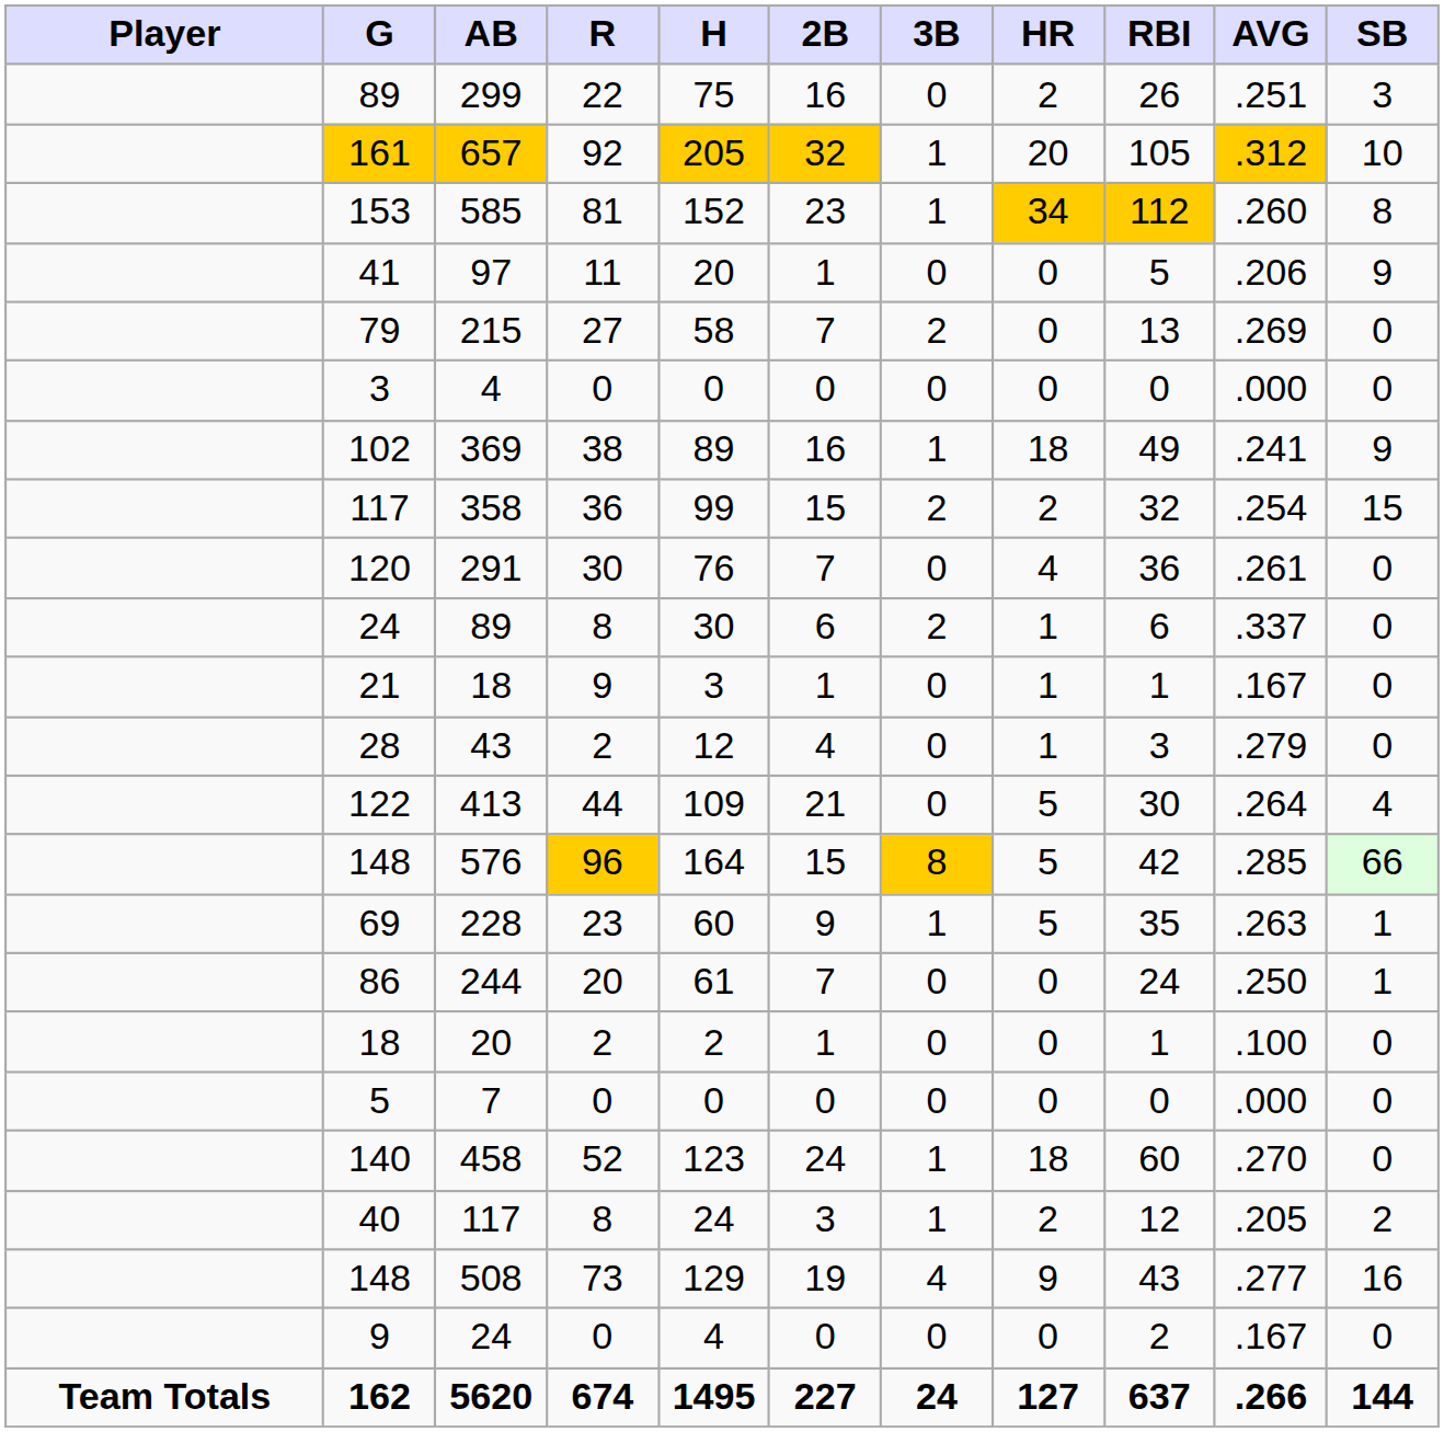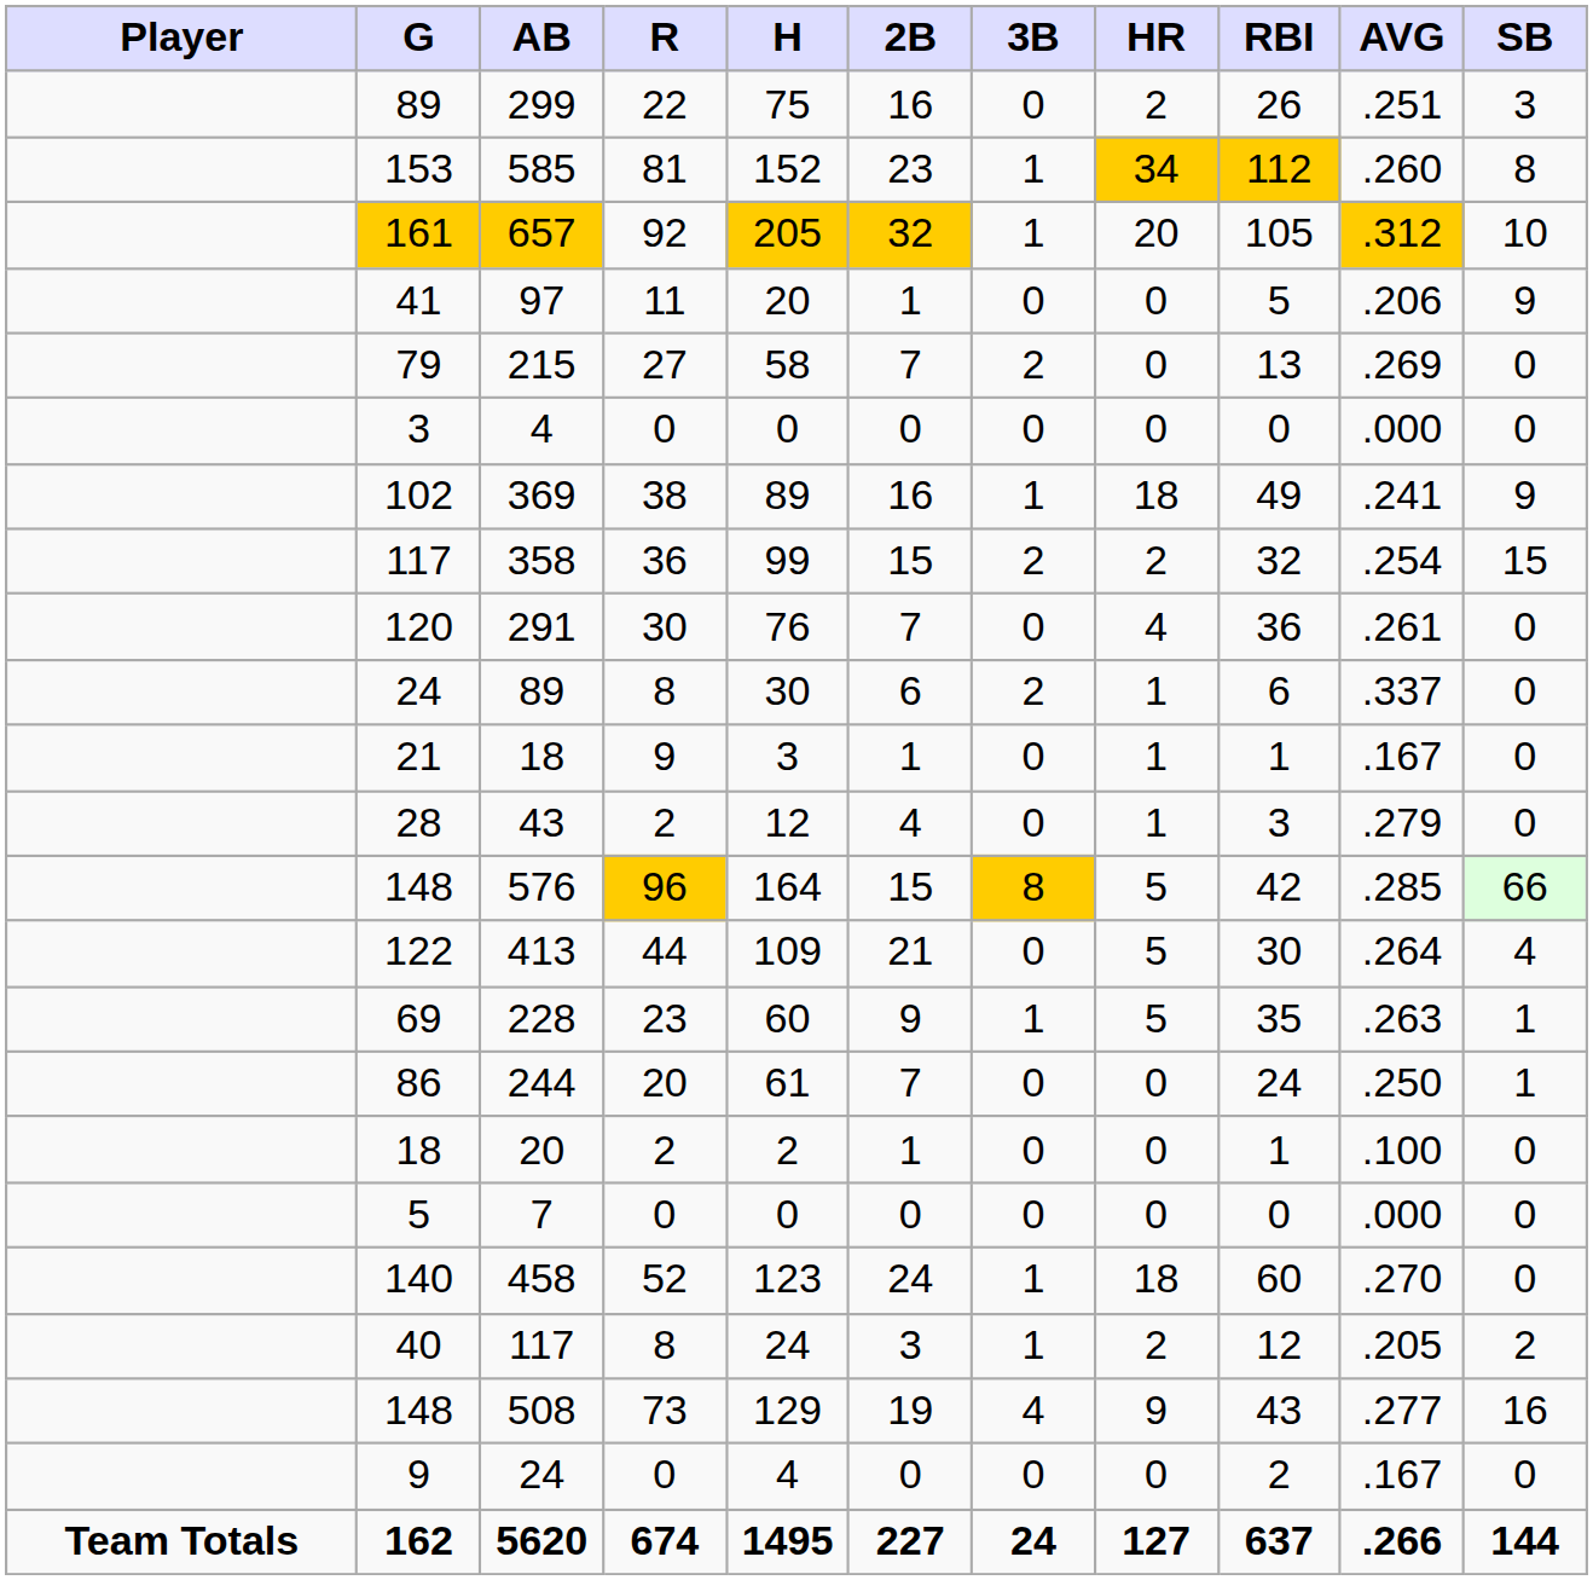 <table class="wikitable" style="text-align:center;">
 <tr>
 <th style="background:#ddf; width:20%;"><strong>Player</strong></th>
 <th style="background:#ddf; width:7%;"><strong>G</strong></th>
 <th style="background:#ddf; width:7%;"><strong>AB</strong></th>
 <th style="background:#ddf; width:7%;"><strong>R</strong></th>
 <th style="background:#ddf; width:7%;"><strong>H</strong></th>
 <th style="background:#ddf; width:7%;"><strong>2B</strong></th>
 <th style="background:#ddf; width:7%;"><strong>3B</strong></th>
 <th style="background:#ddf; width:7%;"><strong>HR</strong></th>
 <th style="background:#ddf; width:7%;"><strong>RBI</strong></th>
 <th style="background:#ddf; width:7%;"><strong>AVG</strong></th>
 <th style="background:#ddf; width:7%;"><strong>SB</strong></th>
 </tr>
 <tr>
 <td align=left></td>
 <td>89</td>
 <td>299</td>
 <td>22</td>
 <td>75</td>
 <td>16</td>
 <td>0</td>
 <td>2</td>
 <td>26</td>
 <td>.251</td>
 <td>3</td>
 </tr>
 <tr>
 <td align=left></td>
+<td>153</td>
+<td>585</td>
+<td>81</td>
+<td>152</td>
+<td>23</td>
+<td>1</td>
+<td style="background:#fc0;">34</td>
+<td style="background:#fc0;">112</td>
+<td>.260</td>
+<td>8</td>
+</tr>
+<tr>
+<td align=left></td>
 <td style="background:#fc0;">161</td>
 <td style="background:#fc0;">657</td>
 <td>92</td>
 <td style="background:#fc0;">205</td>
 <td style="background:#fc0;">32</td>
 <td>1</td>
 <td>20</td>
 <td>105</td>
 <td style="background:#fc0;">.312</td>
 <td>10</td>
-</tr>
-<tr>
-<td align=left></td>
-<td>153</td>
-<td>585</td>
-<td>81</td>
-<td>152</td>
-<td>23</td>
-<td>1</td>
-<td style="background:#fc0;">34</td>
-<td style="background:#fc0;">112</td>
-<td>.260</td>
-<td>8</td>
 </tr>
 <tr>
 <td align=left></td>
 <td>41</td>
 <td>97</td>
 <td>11</td>
 <td>20</td>
 <td>1</td>
 <td>0</td>
 <td>0</td>
 <td>5</td>
 <td>.206</td>
 <td>9</td>
 </tr>
 <tr>
 <td align=left></td>
 <td>79</td>
 <td>215</td>
 <td>27</td>
 <td>58</td>
 <td>7</td>
 <td>2</td>
 <td>0</td>
 <td>13</td>
 <td>.269</td>
 <td>0</td>
 </tr>
 <tr>
 <td align=left></td>
 <td>3</td>
 <td>4</td>
 <td>0</td>
 <td>0</td>
 <td>0</td>
 <td>0</td>
 <td>0</td>
 <td>0</td>
 <td>.000</td>
 <td>0</td>
 </tr>
 <tr>
 <td align=left></td>
 <td>102</td>
 <td>369</td>
 <td>38</td>
 <td>89</td>
 <td>16</td>
 <td>1</td>
 <td>18</td>
 <td>49</td>
 <td>.241</td>
 <td>9</td>
 </tr>
 <tr>
 <td align=left></td>
 <td>117</td>
 <td>358</td>
 <td>36</td>
 <td>99</td>
 <td>15</td>
 <td>2</td>
 <td>2</td>
 <td>32</td>
 <td>.254</td>
 <td>15</td>
 </tr>
 <tr>
 <td align=left></td>
 <td>120</td>
 <td>291</td>
 <td>30</td>
 <td>76</td>
 <td>7</td>
 <td>0</td>
 <td>4</td>
 <td>36</td>
 <td>.261</td>
 <td>0</td>
 </tr>
 <tr>
 <td align=left></td>
 <td>24</td>
 <td>89</td>
 <td>8</td>
 <td>30</td>
 <td>6</td>
 <td>2</td>
 <td>1</td>
 <td>6</td>
 <td>.337</td>
 <td>0</td>
 </tr>
 <tr>
 <td align=left></td>
 <td>21</td>
 <td>18</td>
 <td>9</td>
 <td>3</td>
 <td>1</td>
 <td>0</td>
 <td>1</td>
 <td>1</td>
 <td>.167</td>
 <td>0</td>
 </tr>
 <tr>
 <td align=left></td>
 <td>28</td>
 <td>43</td>
 <td>2</td>
 <td>12</td>
 <td>4</td>
 <td>0</td>
 <td>1</td>
 <td>3</td>
 <td>.279</td>
 <td>0</td>
 </tr>
 <tr>
 <td align=left></td>
+<td>148</td>
+<td>576</td>
+<td style="background:#fc0;">96</td>
+<td>164</td>
+<td>15</td>
+<td style="background:#fc0;">8</td>
+<td>5</td>
+<td>42</td>
+<td>.285</td>
+<td style="background:#DDFFDD;">66</td>
+</tr>
+<tr>
+<td align=left></td>
 <td>122</td>
 <td>413</td>
 <td>44</td>
 <td>109</td>
 <td>21</td>
 <td>0</td>
 <td>5</td>
 <td>30</td>
 <td>.264</td>
 <td>4</td>
-</tr>
-<tr>
-<td align=left></td>
-<td>148</td>
-<td>576</td>
-<td style="background:#fc0;">96</td>
-<td>164</td>
-<td>15</td>
-<td style="background:#fc0;">8</td>
-<td>5</td>
-<td>42</td>
-<td>.285</td>
-<td style="background:#DDFFDD;">66</td>
 </tr>
 <tr>
 <td align=left></td>
 <td>69</td>
 <td>228</td>
 <td>23</td>
 <td>60</td>
 <td>9</td>
 <td>1</td>
 <td>5</td>
 <td>35</td>
 <td>.263</td>
 <td>1</td>
 </tr>
 <tr>
 <td align=left></td>
 <td>86</td>
 <td>244</td>
 <td>20</td>
 <td>61</td>
 <td>7</td>
 <td>0</td>
 <td>0</td>
 <td>24</td>
 <td>.250</td>
 <td>1</td>
 </tr>
 <tr>
 <td align=left></td>
 <td>18</td>
 <td>20</td>
 <td>2</td>
 <td>2</td>
 <td>1</td>
 <td>0</td>
 <td>0</td>
 <td>1</td>
 <td>.100</td>
 <td>0</td>
 </tr>
 <tr>
 <td align=left></td>
 <td>5</td>
 <td>7</td>
 <td>0</td>
 <td>0</td>
 <td>0</td>
 <td>0</td>
 <td>0</td>
 <td>0</td>
 <td>.000</td>
 <td>0</td>
 </tr>
 <tr>
 <td align=left></td>
 <td>140</td>
 <td>458</td>
 <td>52</td>
 <td>123</td>
 <td>24</td>
 <td>1</td>
 <td>18</td>
 <td>60</td>
 <td>.270</td>
 <td>0</td>
 </tr>
 <tr>
 <td align=left></td>
 <td>40</td>
 <td>117</td>
 <td>8</td>
 <td>24</td>
 <td>3</td>
 <td>1</td>
 <td>2</td>
 <td>12</td>
 <td>.205</td>
 <td>2</td>
 </tr>
 <tr>
 <td align=left></td>
 <td>148</td>
 <td>508</td>
 <td>73</td>
 <td>129</td>
 <td>19</td>
 <td>4</td>
 <td>9</td>
 <td>43</td>
 <td>.277</td>
 <td>16</td>
 </tr>
 <tr>
 <td align=left></td>
 <td>9</td>
 <td>24</td>
 <td>0</td>
 <td>4</td>
 <td>0</td>
 <td>0</td>
 <td>0</td>
 <td>2</td>
 <td>.167</td>
 <td>0</td>
 </tr>
 <tr class="sortbottom">
 <td><strong>Team Totals</strong></td>
 <td><strong>162</strong></td>
 <td><strong>5620</strong></td>
 <td><strong>674</strong></td>
 <td><strong>1495</strong></td>
 <td><strong>227</strong></td>
 <td><strong>24</strong></td>
 <td><strong>127</strong></td>
 <td><strong>637</strong></td>
 <td><strong>.266</strong></td>
 <td><strong>144</strong></td>
 </tr>
 </table>
